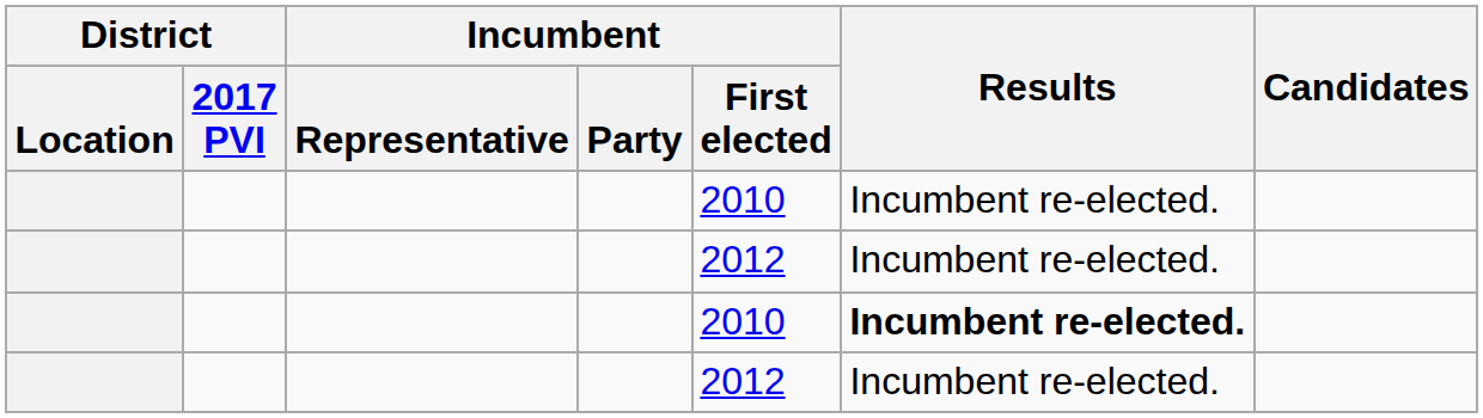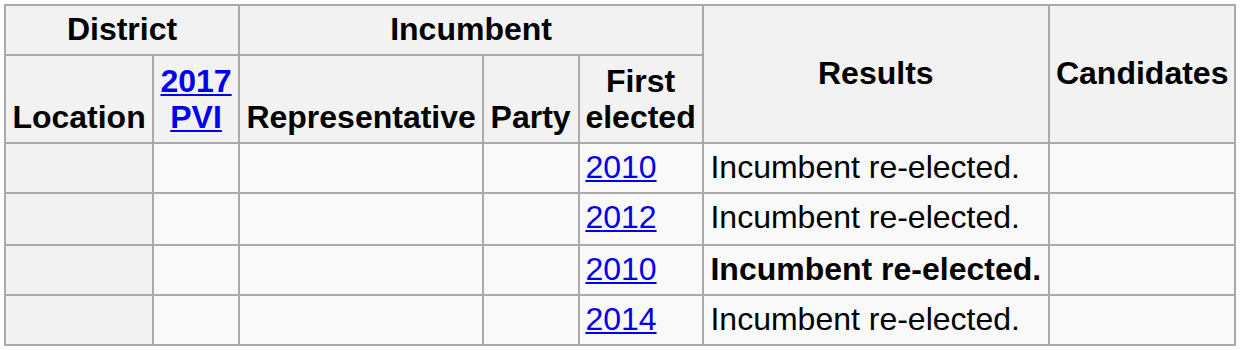 <table class="wikitable sortable">
 <tr>
 <th colspan=2>District</th>
 <th colspan=3>Incumbent</th>
 <th rowspan=2>Results</th>
 <th rowspan=2>Candidates</th>
 </tr>
 <tr valign=bottom>
 <th>Location</th>
 <th><a href='#'>2017<br>PVI</a></th>
 <th>Representative</th>
 <th>Party</th>
 <th>First<br>elected</th>
 </tr>
 <tr>
 <th></th>
 <td></td>
 <td></td>
 <td></td>
 <td><a href='#'>2010</a></td>
 <td>Incumbent re-elected.</td>
 <td nowrap></td>
 </tr>
 <tr>
 <th></th>
 <td></td>
 <td></td>
 <td></td>
 <td><a href='#'>2012</a></td>
 <td>Incumbent re-elected.</td>
 <td nowrap></td>
 </tr>
 <tr>
 <th></th>
 <td></td>
 <td></td>
 <td></td>
 <td><a href='#'>2010</a></td>
 <td><strong>Incumbent re-elected.</strong></td>
 <td nowrap></td>
 </tr>
 <tr>
 <th></th>
 <td></td>
 <td></td>
 <td></td>
-<td><a href='#'>2012</a></td>
+<td><a href='#'>2014</a></td>
 <td>Incumbent re-elected.</td>
 <td nowrap></td>
 </tr>
 </table>
